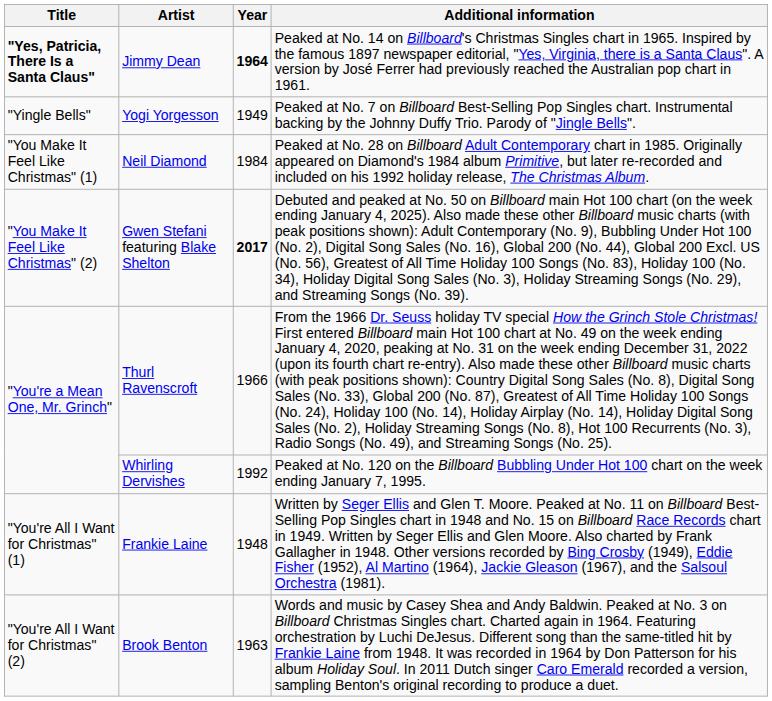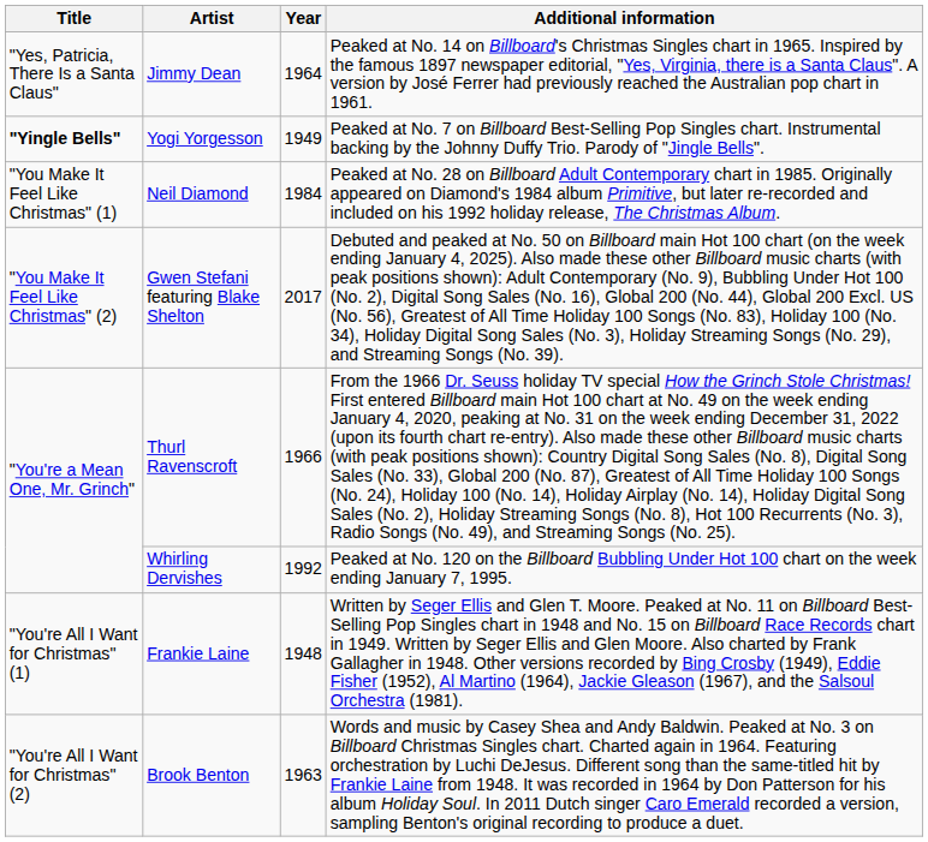 <table class="wikitable sortable" style="text-align: left;" width="auto">
 <tr>
 <th scope="col" style="width: 15%">Title</th>
 <th scope="col" style="width: 15%">Artist</th>
 <th scope="col" style="width: 5%">Year</th>
 <th class="unsortable" scope="col">Additional information</th>
 </tr>
 <tr>
-<td><strong>"Yes, Patricia, There Is a Santa Claus"</strong></td>
+<td>"Yes, Patricia, There Is a Santa Claus"</td>
 <td><a href='#'>Jimmy Dean</a></td>
-<td><strong>1964</strong></td>
+<td>1964</td>
 <td>Peaked at No. 14 on <a href='#'><em>Billboard</em></a>'s Christmas Singles chart in 1965. Inspired by the famous 1897 newspaper editorial, "<a href='#'>Yes, Virginia, there is a Santa Claus</a>". A version by José Ferrer had previously reached the Australian pop chart in 1961.</td>
 </tr>
 <tr>
-<td>"Yingle Bells"</td>
+<td><strong>"Yingle Bells"</strong></td>
 <td><a href='#'>Yogi Yorgesson</a></td>
 <td>1949</td>
 <td>Peaked at No. 7 on <em>Billboard</em> Best-Selling Pop Singles chart. Instrumental backing by the Johnny Duffy Trio. Parody of "<a href='#'>Jingle Bells</a>".</td>
 </tr>
 <tr>
 <td>"You Make It Feel Like Christmas" (1)</td>
 <td><a href='#'>Neil Diamond</a></td>
 <td>1984</td>
 <td>Peaked at No. 28 on <em>Billboard</em> <a href='#'>Adult Contemporary</a> chart in 1985. Originally appeared on Diamond's 1984 album <em><a href='#'>Primitive</a></em>, but later re-recorded and included on his 1992 holiday release, <em><a href='#'>The Christmas Album</a></em>.</td>
 </tr>
 <tr>
 <td>"<a href='#'>You Make It Feel Like Christmas</a>" (2)</td>
 <td><a href='#'>Gwen Stefani</a> featuring <a href='#'>Blake Shelton</a></td>
-<td><strong>2017</strong></td>
+<td>2017</td>
 <td>Debuted and peaked at No. 50 on <em>Billboard</em> main Hot 100 chart (on the week ending January 4, 2025). Also made these other <em>Billboard</em> music charts (with peak positions shown): Adult Contemporary (No. 9), Bubbling Under Hot 100 (No. 2), Digital Song Sales (No. 16), Global 200 (No. 44), Global 200 Excl. US (No. 56), Greatest of All Time Holiday 100 Songs (No. 83), Holiday 100 (No. 34), Holiday Digital Song Sales (No. 3), Holiday Streaming Songs (No. 29), and Streaming Songs (No. 39).</td>
 </tr>
 <tr>
 <td rowspan=2>"<a href='#'>You're a Mean One, Mr. Grinch</a>"</td>
 <td><a href='#'>Thurl Ravenscroft</a></td>
 <td>1966</td>
 <td>From the 1966 <a href='#'>Dr. Seuss</a> holiday TV special <em><a href='#'>How the Grinch Stole Christmas!</a></em> First entered <em>Billboard</em> main Hot 100 chart at No. 49 on the week ending January 4, 2020, peaking at No. 31 on the week ending December 31, 2022 (upon its fourth chart re-entry). Also made these other <em>Billboard</em> music charts (with peak positions shown): Country Digital Song Sales (No. 8), Digital Song Sales (No. 33), Global 200 (No. 87), Greatest of All Time Holiday 100 Songs (No. 24), Holiday 100 (No. 14), Holiday Airplay (No. 14), Holiday Digital Song Sales (No. 2), Holiday Streaming Songs (No. 8), Hot 100 Recurrents (No. 3), Radio Songs (No. 49), and Streaming Songs (No. 25).</td>
 </tr>
 <tr>
 <td><a href='#'>Whirling Dervishes</a></td>
 <td>1992</td>
 <td>Peaked at No. 120 on the <em>Billboard</em> <a href='#'>Bubbling Under Hot 100</a> chart on the week ending January 7, 1995.</td>
 </tr>
 <tr>
 <td>"You're All I Want for Christmas" (1)</td>
 <td><a href='#'>Frankie Laine</a></td>
 <td>1948</td>
 <td>Written by <a href='#'>Seger Ellis</a> and Glen T. Moore.  Peaked at No. 11 on <em>Billboard</em> Best-Selling Pop Singles chart in 1948 and No. 15 on <em>Billboard</em> <a href='#'>Race Records</a> chart in 1949. Written by Seger Ellis and Glen Moore. Also charted by Frank Gallagher in 1948. Other versions recorded by <a href='#'>Bing Crosby</a> (1949), <a href='#'>Eddie Fisher</a> (1952), <a href='#'>Al Martino</a> (1964), <a href='#'>Jackie Gleason</a> (1967), and the <a href='#'>Salsoul Orchestra</a> (1981).</td>
 </tr>
 <tr>
 <td>"You're All I Want for Christmas" (2)</td>
 <td><a href='#'>Brook Benton</a></td>
 <td>1963</td>
 <td>Words and music by Casey Shea and Andy Baldwin. Peaked at No. 3 on <em>Billboard</em> Christmas Singles chart. Charted again in 1964. Featuring orchestration by Luchi DeJesus. Different song than the same-titled hit by <a href='#'>Frankie Laine</a> from 1948. It was recorded in 1964 by Don Patterson for his album <em>Holiday Soul</em>. In 2011 Dutch singer <a href='#'>Caro Emerald</a> recorded a version, sampling Benton's original recording to produce a duet.</td>
 </tr>
 </table>
